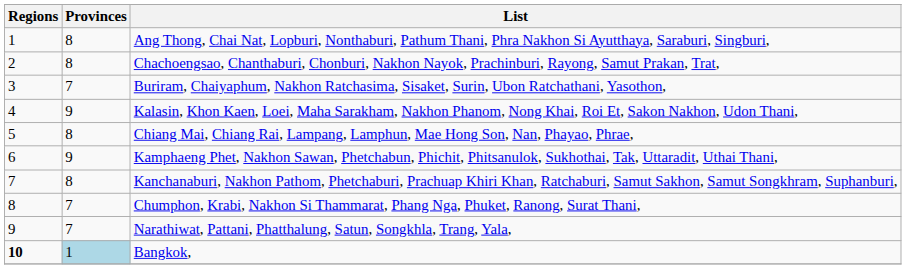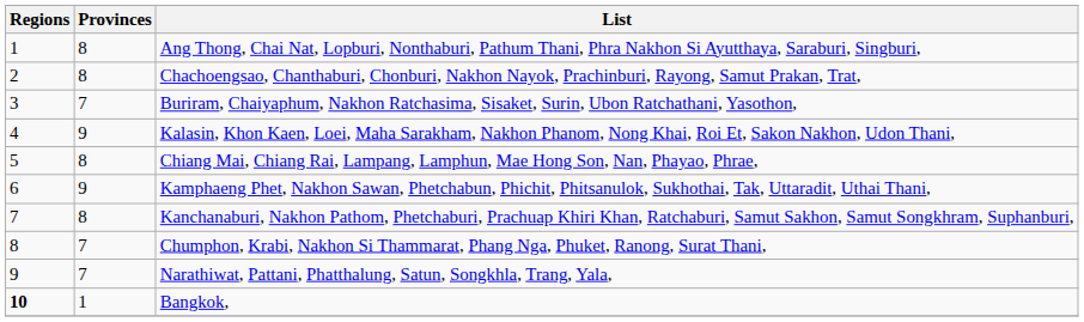 <table class="wikitable">
 <tr>
 </tr>
 <tr>
 <th>Regions</th>
 <th>Provinces</th>
 <th>List</th>
 </tr>
 <tr>
 <td>1</td>
 <td>8</td>
 <td><a href='#'>Ang Thong</a>,    <a href='#'>Chai Nat</a>,    <a href='#'>Lopburi</a>,    <a href='#'>Nonthaburi</a>,    <a href='#'>Pathum Thani</a>,    <a href='#'>Phra Nakhon Si Ayutthaya</a>,    <a href='#'>Saraburi</a>,    <a href='#'>Singburi</a>,</td>
 </tr>
 <tr>
 <td>2</td>
 <td>8</td>
 <td><a href='#'>Chachoengsao</a>,    <a href='#'>Chanthaburi</a>,    <a href='#'>Chonburi</a>,    <a href='#'>Nakhon Nayok</a>,    <a href='#'>Prachinburi</a>,    <a href='#'>Rayong</a>,    <a href='#'>Samut Prakan</a>,    <a href='#'>Trat</a>,</td>
 </tr>
 <tr>
 <td>3</td>
 <td>7</td>
 <td><a href='#'>Buriram</a>,    <a href='#'>Chaiyaphum</a>,    <a href='#'>Nakhon Ratchasima</a>,    <a href='#'>Sisaket</a>,    <a href='#'>Surin</a>,    <a href='#'>Ubon Ratchathani</a>,    <a href='#'>Yasothon</a>,</td>
 </tr>
 <tr>
 <td>4</td>
 <td>9</td>
 <td><a href='#'>Kalasin</a>,    <a href='#'>Khon Kaen</a>,    <a href='#'>Loei</a>,    <a href='#'>Maha Sarakham</a>,    <a href='#'>Nakhon Phanom</a>,    <a href='#'>Nong Khai</a>,    <a href='#'>Roi Et</a>,    <a href='#'>Sakon Nakhon</a>,    <a href='#'>Udon Thani</a>,</td>
 </tr>
 <tr>
 <td>5</td>
 <td>8</td>
 <td><a href='#'>Chiang Mai</a>,    <a href='#'>Chiang Rai</a>,    <a href='#'>Lampang</a>,    <a href='#'>Lamphun</a>,    <a href='#'>Mae Hong Son</a>,    <a href='#'>Nan</a>,    <a href='#'>Phayao</a>,    <a href='#'>Phrae</a>,</td>
 </tr>
 <tr>
 <td>6</td>
 <td>9</td>
 <td><a href='#'>Kamphaeng Phet</a>,    <a href='#'>Nakhon Sawan</a>,    <a href='#'>Phetchabun</a>,    <a href='#'>Phichit</a>,    <a href='#'>Phitsanulok</a>,    <a href='#'>Sukhothai</a>,    <a href='#'>Tak</a>,    <a href='#'>Uttaradit</a>,    <a href='#'>Uthai Thani</a>,</td>
 </tr>
 <tr>
 <td>7</td>
 <td>8</td>
 <td><a href='#'>Kanchanaburi</a>,    <a href='#'>Nakhon Pathom</a>,    <a href='#'>Phetchaburi</a>,    <a href='#'>Prachuap Khiri Khan</a>,    <a href='#'>Ratchaburi</a>,    <a href='#'>Samut Sakhon</a>,    <a href='#'>Samut Songkhram</a>,    <a href='#'>Suphanburi</a>,</td>
 </tr>
 <tr>
 <td>8</td>
 <td>7</td>
 <td><a href='#'>Chumphon</a>,    <a href='#'>Krabi</a>,    <a href='#'>Nakhon Si Thammarat</a>,    <a href='#'>Phang Nga</a>,    <a href='#'>Phuket</a>,    <a href='#'>Ranong</a>,    <a href='#'>Surat Thani</a>,</td>
 </tr>
 <tr>
 <td>9</td>
 <td>7</td>
 <td><a href='#'>Narathiwat</a>,    <a href='#'>Pattani</a>,    <a href='#'>Phatthalung</a>,    <a href='#'>Satun</a>,    <a href='#'>Songkhla</a>,    <a href='#'>Trang</a>,    <a href='#'>Yala</a>,</td>
 </tr>
 <tr>
 <td><strong>10</strong></td>
-<td style="background: lightblue;">1</td>
+<td>1</td>
 <td><a href='#'>Bangkok</a>,</td>
 </tr>
 <tr>
 </tr>
 </table>
